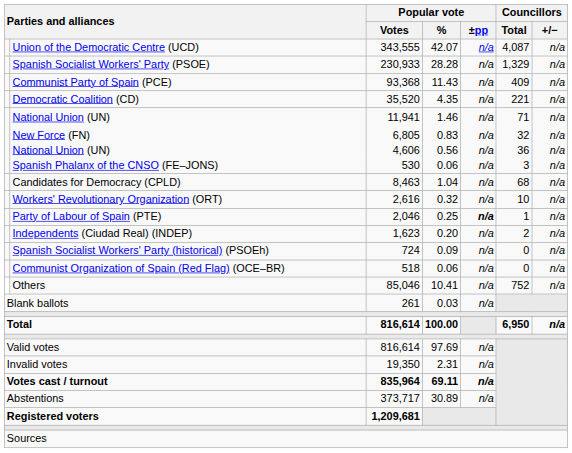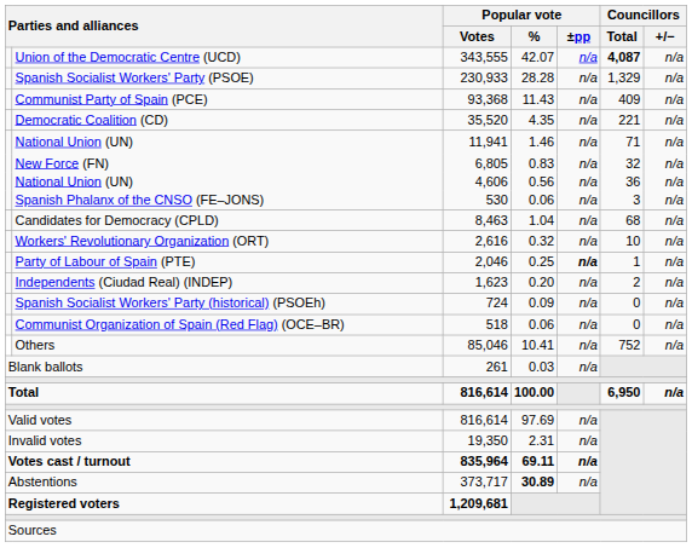 <table class="wikitable" style="text-align:right;">
 <tr>
 <th style="text-align:left;" rowspan="2" colspan="2" width="525">Parties and alliances</th>
 <th colspan="3">Popular vote</th>
 <th colspan="2">Councillors</th>
 </tr>
 <tr>
 <th width="75">Votes</th>
 <th width="45">%</th>
 <th width="45">±<a href='#'>pp</a></th>
 <th width="45">Total</th>
 <th width="45">+/−</th>
 </tr>
 <tr>
 <td width="1" style="color:inherit;background:"></td>
 <td align="left"><a href='#'>Union of the Democratic Centre</a> (UCD)</td>
 <td>343,555</td>
 <td>42.07</td>
 <td><em><a href='#'>n/a</a></em></td>
-<td>4,087</td>
+<td><strong>4,087</strong></td>
 <td><em>n/a</em></td>
 </tr>
 <tr>
 <td style="color:inherit;background:"></td>
 <td align="left"><a href='#'>Spanish Socialist Workers' Party</a> (PSOE)</td>
 <td>230,933</td>
 <td>28.28</td>
 <td><em>n/a</em></td>
 <td>1,329</td>
 <td><em>n/a</em></td>
 </tr>
 <tr>
 <td style="color:inherit;background:"></td>
 <td align="left"><a href='#'>Communist Party of Spain</a> (PCE)</td>
 <td>93,368</td>
 <td>11.43</td>
 <td><em>n/a</em></td>
 <td>409</td>
 <td><em>n/a</em></td>
 </tr>
 <tr>
 <td style="color:inherit;background:"></td>
 <td align="left"><a href='#'>Democratic Coalition</a> (CD)</td>
 <td>35,520</td>
 <td>4.35</td>
 <td><em>n/a</em></td>
 <td>221</td>
 <td><em>n/a</em></td>
 </tr>
 <tr style="line-height:22px;">
 <td rowspan="4" style="color:inherit;background:"></td>
 <td align="left"><a href='#'>National Union</a> (UN)</td>
 <td>11,941</td>
 <td>1.46</td>
 <td><em>n/a</em></td>
 <td>71</td>
 <td><em>n/a</em></td>
 </tr>
 <tr style="border-bottom-style:hidden; border-top-style:hidden; line-height:16px;">
 <td align="left"><span><a href='#'>New Force</a> (FN)</span></td>
 <td>6,805</td>
 <td>0.83</td>
 <td><em>n/a</em></td>
 <td>32</td>
 <td><em>n/a</em></td>
 </tr>
 <tr style="border-bottom-style:hidden; line-height:16px;">
 <td align="left"><span><a href='#'>National Union</a> (UN)</span></td>
 <td>4,606</td>
 <td>0.56</td>
 <td><em>n/a</em></td>
 <td>36</td>
 <td><em>n/a</em></td>
 </tr>
 <tr style="line-height:16px;">
 <td align="left"><span><a href='#'>Spanish Phalanx of the CNSO</a> (FE–JONS)</span></td>
 <td>530</td>
 <td>0.06</td>
 <td><em>n/a</em></td>
 <td>3</td>
 <td><em>n/a</em></td>
 </tr>
 <tr>
 <td style="color:inherit;background:"></td>
 <td align="left">Candidates for Democracy (CPLD)</td>
 <td>8,463</td>
 <td>1.04</td>
 <td><em>n/a</em></td>
 <td>68</td>
 <td><em>n/a</em></td>
 </tr>
 <tr>
 <td style="color:inherit;background:"></td>
 <td align="left"><a href='#'>Workers' Revolutionary Organization</a> (ORT)</td>
 <td>2,616</td>
 <td>0.32</td>
 <td><em>n/a</em></td>
 <td>10</td>
 <td><em>n/a</em></td>
 </tr>
 <tr>
 <td style="color:inherit;background:"></td>
 <td align="left"><a href='#'>Party of Labour of Spain</a> (PTE)</td>
 <td>2,046</td>
 <td>0.25</td>
 <td><strong><em>n/a</em></strong></td>
 <td>1</td>
 <td><em>n/a</em></td>
 </tr>
 <tr>
 <td style="color:inherit;background:"></td>
 <td align="left"><a href='#'>Independents</a> (Ciudad Real) (INDEP)</td>
 <td>1,623</td>
 <td>0.20</td>
 <td><em>n/a</em></td>
 <td>2</td>
 <td><em>n/a</em></td>
 </tr>
 <tr>
 <td style="color:inherit;background:"></td>
 <td align="left"><a href='#'>Spanish Socialist Workers' Party (historical)</a> (PSOEh)</td>
 <td>724</td>
 <td>0.09</td>
 <td><em>n/a</em></td>
 <td>0</td>
 <td><em>n/a</em></td>
 </tr>
 <tr>
 <td style="color:inherit;background:"></td>
 <td align="left"><a href='#'>Communist Organization of Spain (Red Flag)</a> (OCE–BR)</td>
 <td>518</td>
 <td>0.06</td>
 <td><em>n/a</em></td>
 <td>0</td>
 <td><em>n/a</em></td>
 </tr>
 <tr>
 <td bgcolor="white"></td>
 <td align="left">Others</td>
 <td>85,046</td>
 <td>10.41</td>
 <td><em>n/a</em></td>
 <td>752</td>
 <td><em>n/a</em></td>
 </tr>
 <tr>
 <td align="left" colspan="2">Blank ballots</td>
 <td>261</td>
 <td>0.03</td>
 <td><em>n/a</em></td>
 <td bgcolor="#E9E9E9" colspan="2"></td>
 </tr>
 <tr>
 <td colspan="7" bgcolor="#E9E9E9"></td>
 </tr>
 <tr style="font-weight:bold;">
 <td align="left" colspan="2">Total</td>
 <td>816,614</td>
 <td>100.00</td>
 <td bgcolor="#E9E9E9"></td>
 <td>6,950</td>
 <td><em>n/a</em></td>
 </tr>
 <tr>
 <td colspan="7" bgcolor="#E9E9E9"></td>
 </tr>
 <tr>
 <td align="left" colspan="2">Valid votes</td>
 <td>816,614</td>
 <td>97.69</td>
 <td><em>n/a</em></td>
 <td bgcolor="#E9E9E9" colspan="2" rowspan="5"></td>
 </tr>
 <tr>
 <td align="left" colspan="2">Invalid votes</td>
 <td>19,350</td>
 <td>2.31</td>
 <td><em>n/a</em></td>
 </tr>
 <tr style="font-weight:bold;">
 <td align="left" colspan="2">Votes cast / turnout</td>
 <td>835,964</td>
 <td>69.11</td>
 <td><em>n/a</em></td>
 </tr>
 <tr>
 <td align="left" colspan="2">Abstentions</td>
 <td>373,717</td>
-<td>30.89</td>
+<td><strong>30.89</strong></td>
 <td><em>n/a</em></td>
 </tr>
 <tr style="font-weight:bold;">
 <td align="left" colspan="2">Registered voters</td>
 <td>1,209,681</td>
 <td bgcolor="#E9E9E9" colspan="2"></td>
 </tr>
 <tr>
 <td colspan="7" bgcolor="#E9E9E9"></td>
 </tr>
 <tr>
 <td align="left" colspan="7">Sources</td>
 </tr>
 </table>
